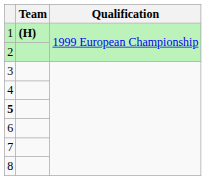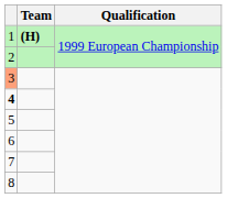 <table class="wikitable" style="text-align: center;">
 <tr>
 <th></th>
 <th>Team</th>
 <th>Qualification</th>
 </tr>
 <tr bgcolor=bbf3bb>
 <td>1</td>
 <td align=left> <strong>(H)</strong></td>
 <td rowspan=2><a href='#'>1999 European Championship</a></td>
 </tr>
 <tr bgcolor=bbf3bb>
 <td>2</td>
 <td align=left></td>
 </tr>
 <tr>
-<td>3</td>
+<td style="background: lightsalmon;">3</td>
 <td align=left></td>
 <td rowspan=6></td>
 </tr>
 <tr>
-<td>4</td>
+<td><strong>4</strong></td>
 <td align=left></td>
 </tr>
 <tr>
-<td><strong>5</strong></td>
+<td>5</td>
 <td align=left></td>
 </tr>
 <tr>
 <td>6</td>
 <td align=left></td>
 </tr>
 <tr>
 <td>7</td>
 <td align=left></td>
 </tr>
 <tr>
 <td>8</td>
 <td align=left></td>
 </tr>
 </table>
